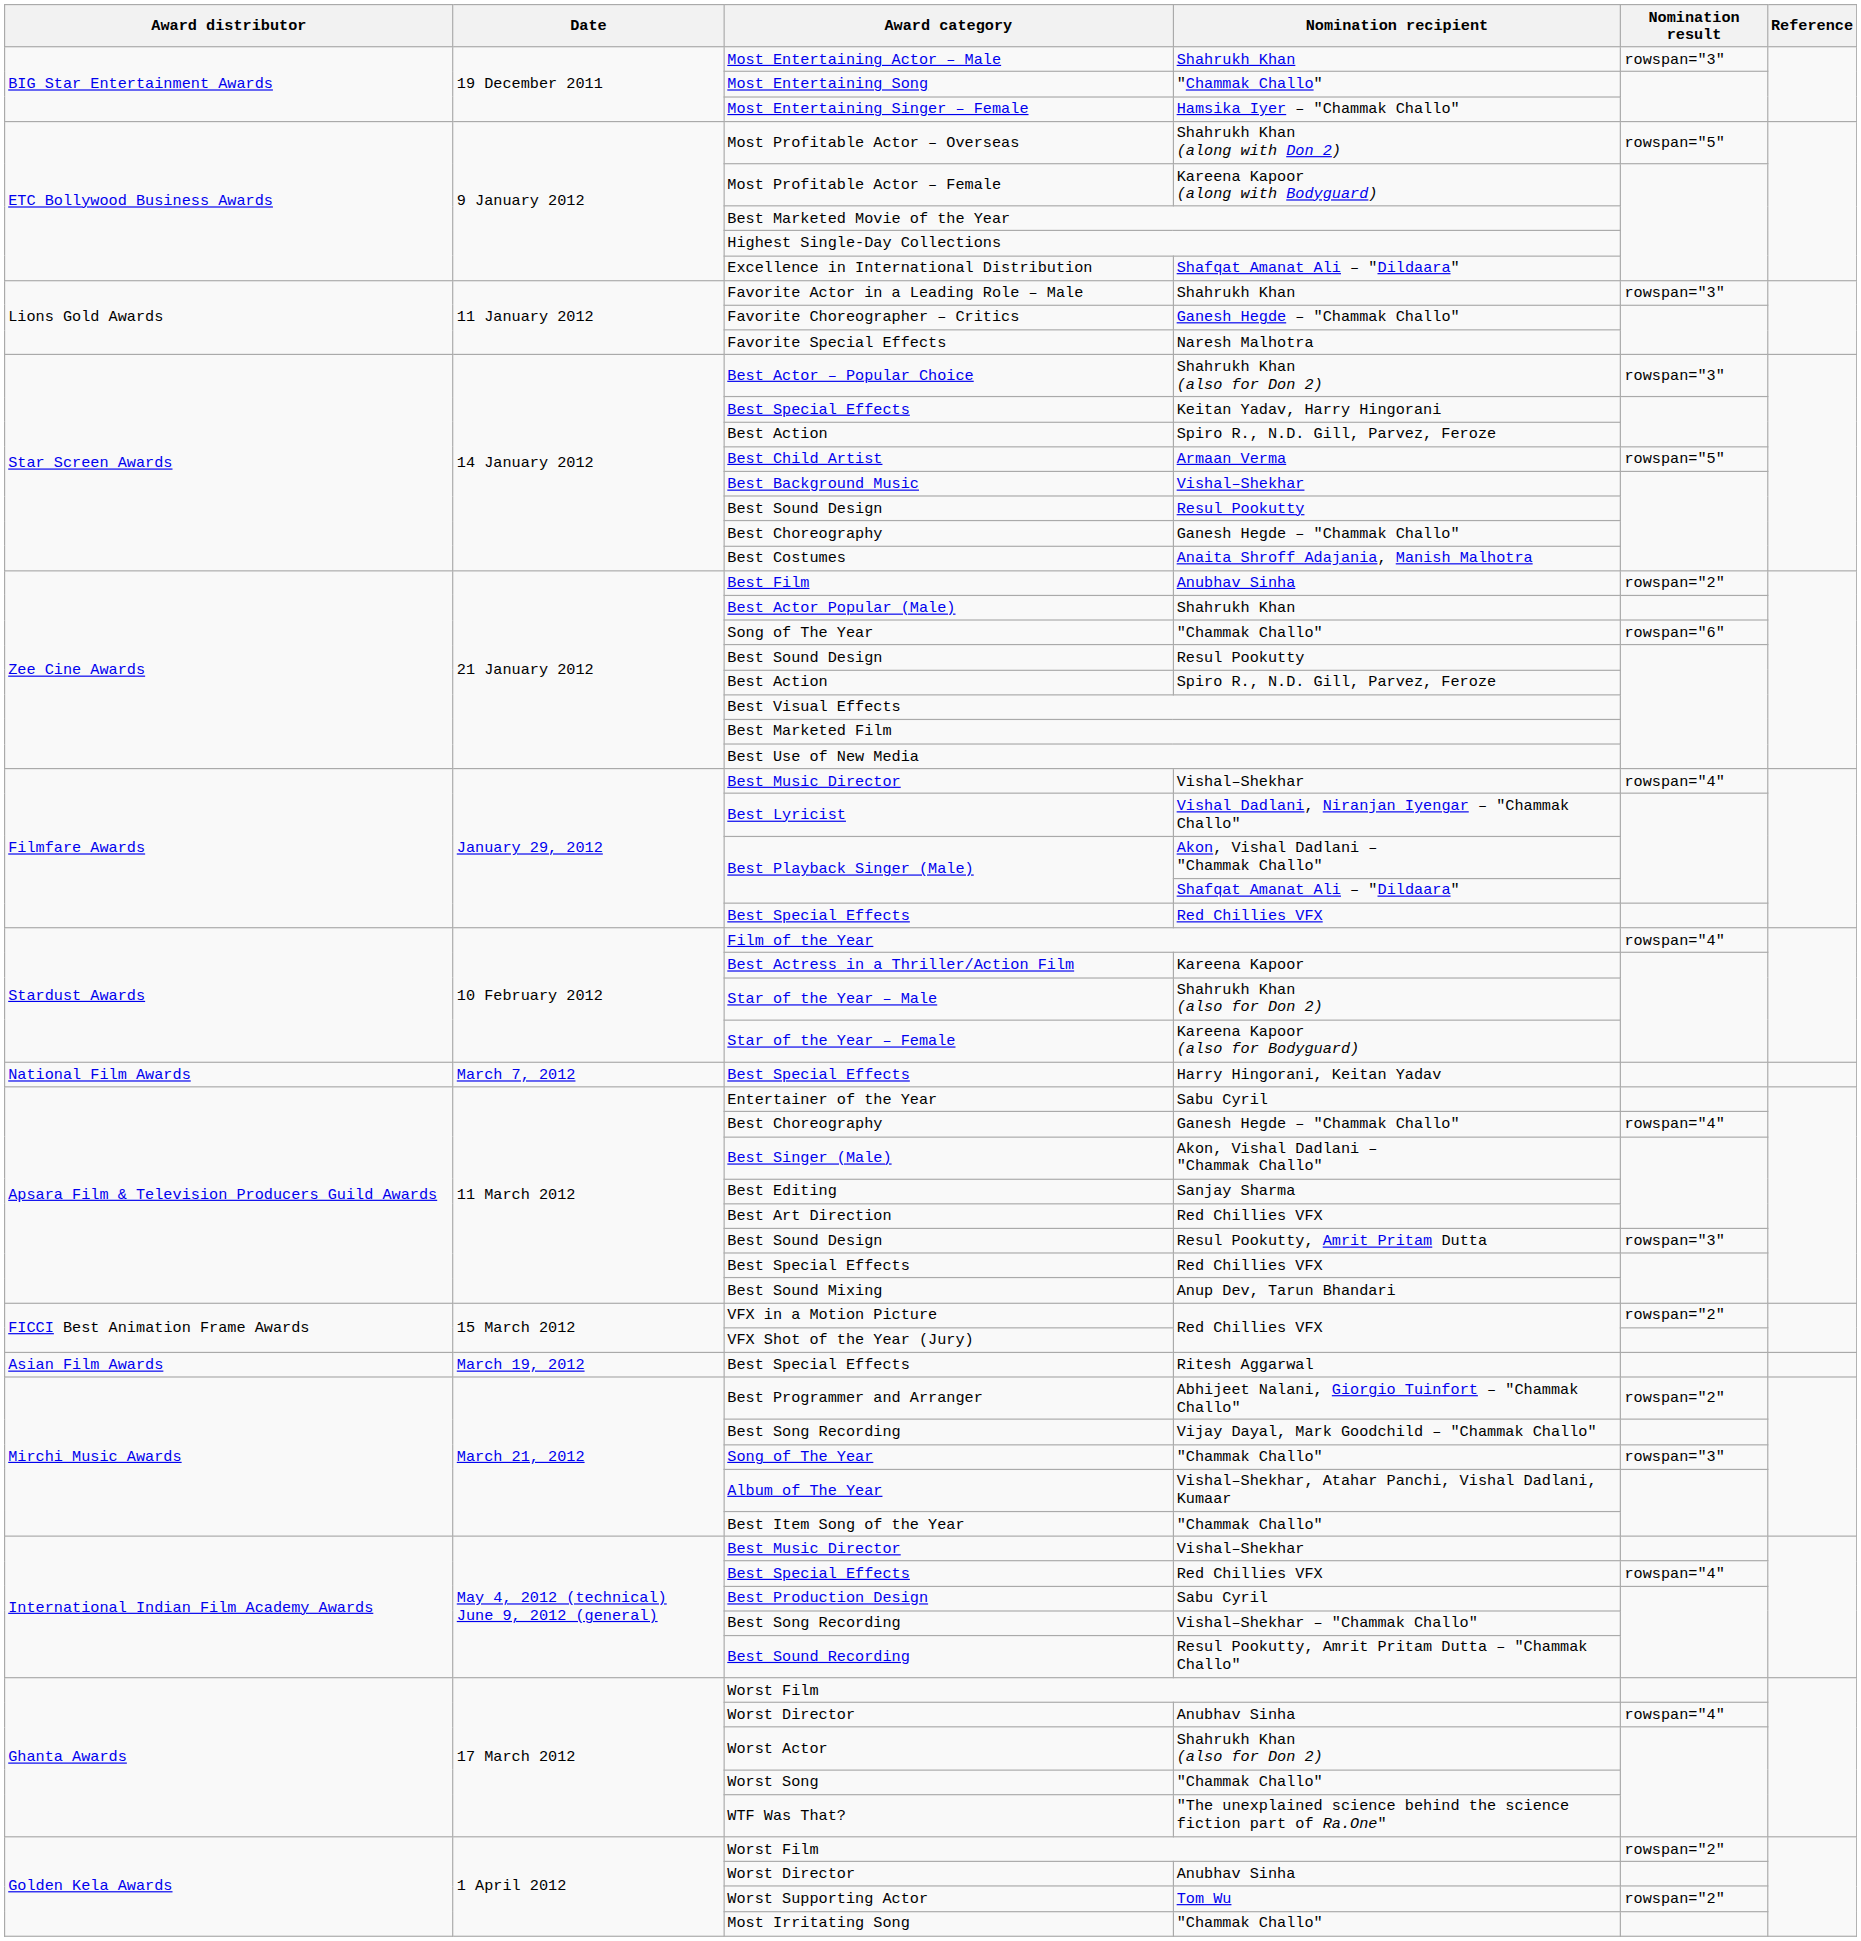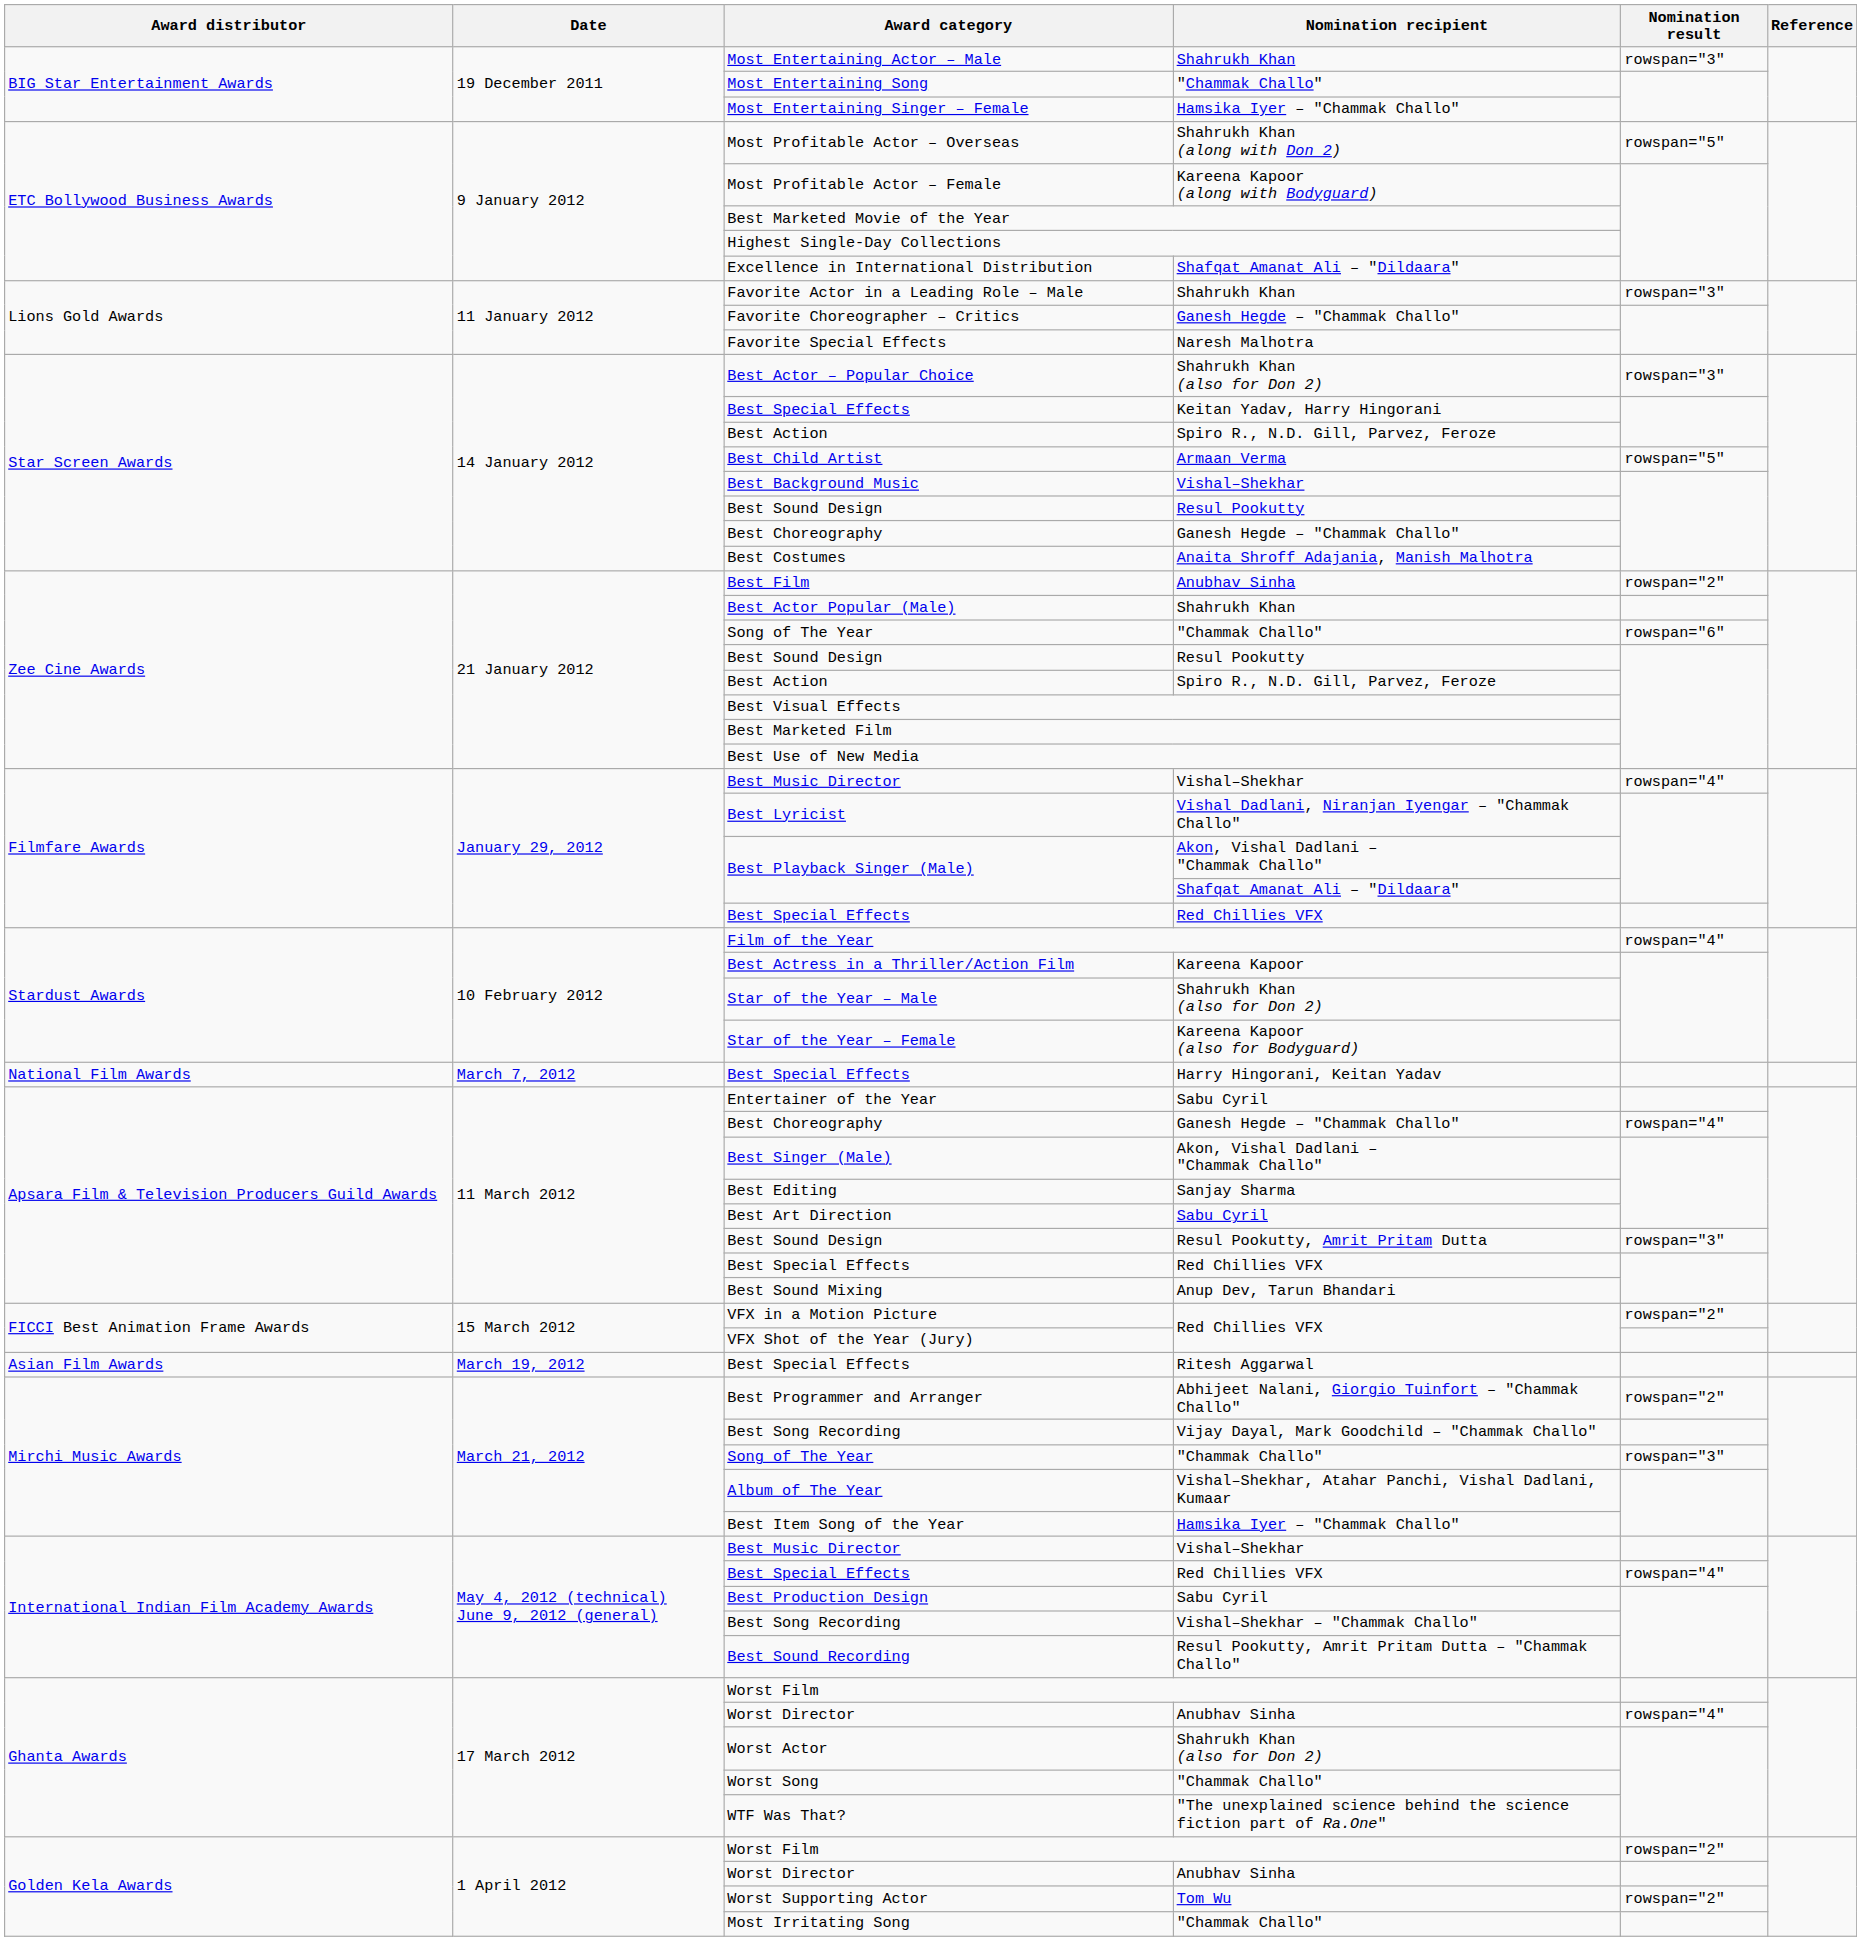 <table class="wikitable" style="margin: 1em auto 1em auto; " width="100%" >
 <tr>
 <th width="25%" scope="col">Award distributor</th>
 <th width="15%" scope="col">Date</th>
 <th width="25%" scope="col">Award category</th>
 <th width="25%" scope="col">Nomination recipient</th>
 <th width="8%" scope="col">Nomination result</th>
 <th width="2%" scope="col">Reference</th>
 </tr>
 <tr>
 <td rowspan="3"><a href='#'>BIG Star Entertainment Awards</a></td>
 <td rowspan="3">19 December 2011</td>
 <td><a href='#'>Most Entertaining Actor – Male</a></td>
 <td><a href='#'>Shahrukh Khan</a></td>
 <td>rowspan="3" </td>
 <td align="center" rowspan="3"></td>
 </tr>
 <tr>
 <td><a href='#'>Most Entertaining Song</a></td>
 <td>"<a href='#'>Chammak Challo</a>"</td>
 </tr>
 <tr>
 <td><a href='#'>Most Entertaining Singer – Female</a></td>
 <td><a href='#'>Hamsika Iyer</a> – "Chammak Challo"</td>
 </tr>
 <tr>
 <td rowspan="5"><a href='#'>ETC Bollywood Business Awards</a></td>
 <td rowspan="5">9 January 2012</td>
 <td>Most Profitable Actor – Overseas</td>
 <td>Shahrukh Khan<br><em>(along with <a href='#'>Don 2</a>)</em></td>
 <td>rowspan="5" </td>
 <td rowspan="5" align="center"></td>
 </tr>
 <tr>
 <td>Most Profitable Actor – Female</td>
 <td>Kareena Kapoor<br><em>(along with <a href='#'>Bodyguard</a>)</em></td>
 </tr>
 <tr>
 <td colspan="2">Best Marketed Movie of the Year</td>
 </tr>
 <tr>
 <td colspan="2">Highest Single-Day Collections</td>
 </tr>
 <tr>
 <td>Excellence in International Distribution</td>
 <td><a href='#'>Shafqat Amanat Ali</a> – "<a href='#'>Dildaara</a>"</td>
 </tr>
 <tr>
 <td rowspan="3">Lions Gold Awards</td>
 <td rowspan="3">11 January 2012</td>
 <td>Favorite Actor in a Leading Role – Male</td>
 <td>Shahrukh Khan</td>
 <td>rowspan="3" </td>
 <td rowspan="3" align="center"></td>
 </tr>
 <tr>
 <td>Favorite Choreographer – Critics</td>
 <td><a href='#'>Ganesh Hegde</a> – "Chammak Challo"</td>
 </tr>
 <tr>
 <td>Favorite Special Effects</td>
 <td>Naresh Malhotra</td>
 </tr>
 <tr>
 <td rowspan="8"><a href='#'>Star Screen Awards</a></td>
 <td rowspan="8">14 January 2012</td>
 <td><a href='#'>Best Actor – Popular Choice</a></td>
 <td>Shahrukh Khan<br><em>(also for Don 2)</em></td>
 <td>rowspan="3" </td>
 <td rowspan="8" align="center"></td>
 </tr>
 <tr>
 <td><a href='#'>Best Special Effects</a></td>
 <td>Keitan Yadav, Harry Hingorani</td>
 </tr>
 <tr>
 <td>Best Action</td>
 <td>Spiro R., N.D. Gill, Parvez, Feroze</td>
 </tr>
 <tr>
 <td><a href='#'>Best Child Artist</a></td>
 <td><a href='#'>Armaan Verma</a></td>
 <td>rowspan="5" </td>
 </tr>
 <tr>
 <td><a href='#'>Best Background Music</a></td>
 <td><a href='#'>Vishal–Shekhar</a></td>
 </tr>
 <tr>
 <td>Best Sound Design</td>
 <td><a href='#'>Resul Pookutty</a></td>
 </tr>
 <tr>
 <td>Best Choreography</td>
 <td>Ganesh Hegde – "Chammak Challo"</td>
 </tr>
 <tr>
 <td>Best Costumes</td>
 <td><a href='#'>Anaita Shroff Adajania</a>, <a href='#'>Manish Malhotra</a></td>
 </tr>
 <tr>
 <td rowspan="8"><a href='#'>Zee Cine Awards</a></td>
 <td rowspan="8">21 January 2012</td>
 <td><a href='#'>Best Film</a></td>
 <td><a href='#'>Anubhav Sinha</a></td>
 <td>rowspan="2" </td>
 <td rowspan="8" align="center"></td>
 </tr>
 <tr>
 <td><a href='#'>Best Actor Popular (Male)</a></td>
 <td>Shahrukh Khan</td>
 </tr>
 <tr>
 <td>Song of The Year</td>
 <td>"Chammak Challo"</td>
 <td>rowspan="6" </td>
 </tr>
 <tr>
 <td>Best Sound Design</td>
 <td>Resul Pookutty</td>
 </tr>
 <tr>
 <td>Best Action</td>
 <td>Spiro R., N.D. Gill, Parvez, Feroze</td>
 </tr>
 <tr>
 <td colspan="2">Best Visual Effects</td>
 </tr>
 <tr>
 <td colspan="2">Best Marketed Film</td>
 </tr>
 <tr>
 <td colspan="2">Best Use of New Media</td>
 </tr>
 <tr>
 <td rowspan="5"><a href='#'>Filmfare Awards</a></td>
 <td rowspan="5"><a href='#'>January 29, 2012</a></td>
 <td><a href='#'>Best Music Director</a></td>
 <td>Vishal–Shekhar</td>
 <td>rowspan="4" </td>
 <td rowspan="5" align="center"></td>
 </tr>
 <tr>
 <td><a href='#'>Best Lyricist</a></td>
 <td><a href='#'>Vishal Dadlani</a>, <a href='#'>Niranjan Iyengar</a> – "Chammak Challo"</td>
 </tr>
 <tr>
 <td rowspan="2"><a href='#'>Best Playback Singer (Male)</a></td>
 <td><a href='#'>Akon</a>, Vishal Dadlani – <br>"Chammak Challo"</td>
 </tr>
 <tr>
 <td><a href='#'>Shafqat Amanat Ali</a> – "<a href='#'>Dildaara</a>"</td>
 </tr>
 <tr>
 <td><a href='#'>Best Special Effects</a></td>
 <td><a href='#'>Red Chillies VFX</a></td>
 <td></td>
 </tr>
 <tr>
 <td rowspan="4"><a href='#'>Stardust Awards</a></td>
 <td rowspan="4">10 February 2012</td>
 <td colspan="2"><a href='#'>Film of the Year</a></td>
 <td>rowspan="4" </td>
 <td rowspan="4" align="center"></td>
 </tr>
 <tr>
 <td><a href='#'>Best Actress in a Thriller/Action Film</a></td>
 <td>Kareena Kapoor</td>
 </tr>
 <tr>
 <td><a href='#'>Star of the Year – Male</a></td>
 <td>Shahrukh Khan<br><em>(also for Don 2)</em></td>
 </tr>
 <tr>
 <td><a href='#'>Star of the Year – Female</a></td>
 <td>Kareena Kapoor<br><em>(also for Bodyguard)</em></td>
 </tr>
 <tr>
 <td><a href='#'>National Film Awards</a></td>
 <td><a href='#'>March 7, 2012</a></td>
 <td><a href='#'>Best Special Effects</a></td>
 <td>Harry Hingorani, Keitan Yadav</td>
 <td></td>
 <td align="center"></td>
 </tr>
 <tr>
 <td rowspan="8"><a href='#'>Apsara Film & Television Producers Guild Awards</a></td>
 <td rowspan="8">11 March 2012</td>
 <td>Entertainer of the Year</td>
 <td>Sabu Cyril</td>
 <td></td>
 <td rowspan="8" align="center"></td>
 </tr>
 <tr>
 <td>Best Choreography</td>
 <td>Ganesh Hegde – "Chammak Challo"</td>
 <td>rowspan="4" </td>
 </tr>
 <tr>
 <td><a href='#'>Best Singer (Male)</a></td>
 <td>Akon, Vishal Dadlani – <br>"Chammak Challo"</td>
 </tr>
 <tr>
 <td>Best Editing</td>
 <td>Sanjay Sharma</td>
 </tr>
 <tr>
 <td>Best Art Direction</td>
-<td>Red Chillies VFX</td>
+<td><a href='#'>Sabu Cyril</a></td>
 </tr>
 <tr>
 <td>Best Sound Design</td>
 <td>Resul Pookutty, <a href='#'>Amrit Pritam</a> Dutta</td>
 <td>rowspan="3" </td>
 </tr>
 <tr>
 <td>Best Special Effects</td>
 <td>Red Chillies VFX</td>
 </tr>
 <tr>
 <td>Best Sound Mixing</td>
 <td>Anup Dev, Tarun Bhandari</td>
 </tr>
 <tr>
 <td rowspan="2"><a href='#'>FICCI</a> Best Animation Frame Awards</td>
 <td rowspan="2">15 March 2012</td>
 <td>VFX in a Motion Picture</td>
 <td rowspan="2">Red Chillies VFX</td>
 <td>rowspan="2" </td>
 <td align="center" rowspan="2"></td>
 </tr>
 <tr>
 <td>VFX Shot of the Year (Jury)</td>
 </tr>
 <tr>
 <td><a href='#'>Asian Film Awards</a></td>
 <td><a href='#'>March 19, 2012</a></td>
 <td>Best Special Effects</td>
 <td>Ritesh Aggarwal</td>
 <td></td>
 <td align="center"></td>
 </tr>
 <tr>
 <td rowspan="5"><a href='#'>Mirchi Music Awards</a></td>
 <td rowspan="5"><a href='#'>March 21, 2012</a></td>
 <td>Best Programmer and Arranger</td>
 <td>Abhijeet Nalani, <a href='#'>Giorgio Tuinfort</a> – "Chammak Challo"</td>
 <td>rowspan="2" </td>
 <td rowspan="5" align="center"></td>
 </tr>
 <tr>
 <td>Best Song Recording</td>
 <td>Vijay Dayal, Mark Goodchild – "Chammak Challo"</td>
 </tr>
 <tr>
 <td><a href='#'>Song of The Year</a></td>
 <td>"Chammak Challo"</td>
 <td>rowspan="3" </td>
 </tr>
 <tr>
 <td><a href='#'>Album of The Year</a></td>
 <td>Vishal–Shekhar, Atahar Panchi, Vishal Dadlani, Kumaar</td>
 </tr>
 <tr>
 <td>Best Item Song of the Year</td>
-<td>"Chammak Challo"</td>
+<td><a href='#'>Hamsika Iyer</a> – "Chammak Challo"</td>
 </tr>
 <tr>
 <td rowspan="5"><a href='#'>International Indian Film Academy Awards</a></td>
 <td rowspan="5"><a href='#'>May 4, 2012 (technical)<br>June 9, 2012 (general)</a></td>
 <td><a href='#'>Best Music Director</a></td>
 <td>Vishal–Shekhar</td>
 <td></td>
 <td rowspan="5" align="center"></td>
 </tr>
 <tr>
 <td><a href='#'>Best Special Effects</a></td>
 <td>Red Chillies VFX</td>
 <td>rowspan="4" </td>
 </tr>
 <tr>
 <td><a href='#'>Best Production Design</a></td>
 <td>Sabu Cyril</td>
 </tr>
 <tr>
 <td>Best Song Recording</td>
 <td>Vishal–Shekhar – "Chammak Challo"</td>
 </tr>
 <tr>
 <td><a href='#'>Best Sound Recording</a></td>
 <td>Resul Pookutty, Amrit Pritam Dutta – "Chammak Challo"</td>
 </tr>
 <tr>
 <td rowspan="5"><a href='#'>Ghanta Awards</a></td>
 <td rowspan="5">17 March 2012</td>
 <td colspan="2">Worst Film</td>
 <td></td>
 <td rowspan="5" align="center"></td>
 </tr>
 <tr>
 <td>Worst Director</td>
 <td>Anubhav Sinha</td>
 <td>rowspan="4" </td>
 </tr>
 <tr>
 <td>Worst Actor</td>
 <td>Shahrukh Khan<br><em>(also for Don 2)</em></td>
 </tr>
 <tr>
 <td>Worst Song</td>
 <td>"Chammak Challo"</td>
 </tr>
 <tr>
 <td>WTF Was That?</td>
 <td>"The unexplained science behind the science fiction part of <em>Ra.One</em>"</td>
 </tr>
 <tr>
 <td rowspan="4"><a href='#'>Golden Kela Awards</a></td>
 <td rowspan="4">1 April 2012</td>
 <td colspan="2">Worst Film</td>
 <td>rowspan="2" </td>
 <td rowspan="4" align="center"></td>
 </tr>
 <tr>
 <td>Worst Director</td>
 <td>Anubhav Sinha</td>
 </tr>
 <tr>
 <td>Worst Supporting Actor</td>
 <td><a href='#'>Tom Wu</a></td>
 <td>rowspan="2" </td>
 </tr>
 <tr>
 <td>Most Irritating Song</td>
 <td>"Chammak Challo"</td>
 </tr>
 </table>
